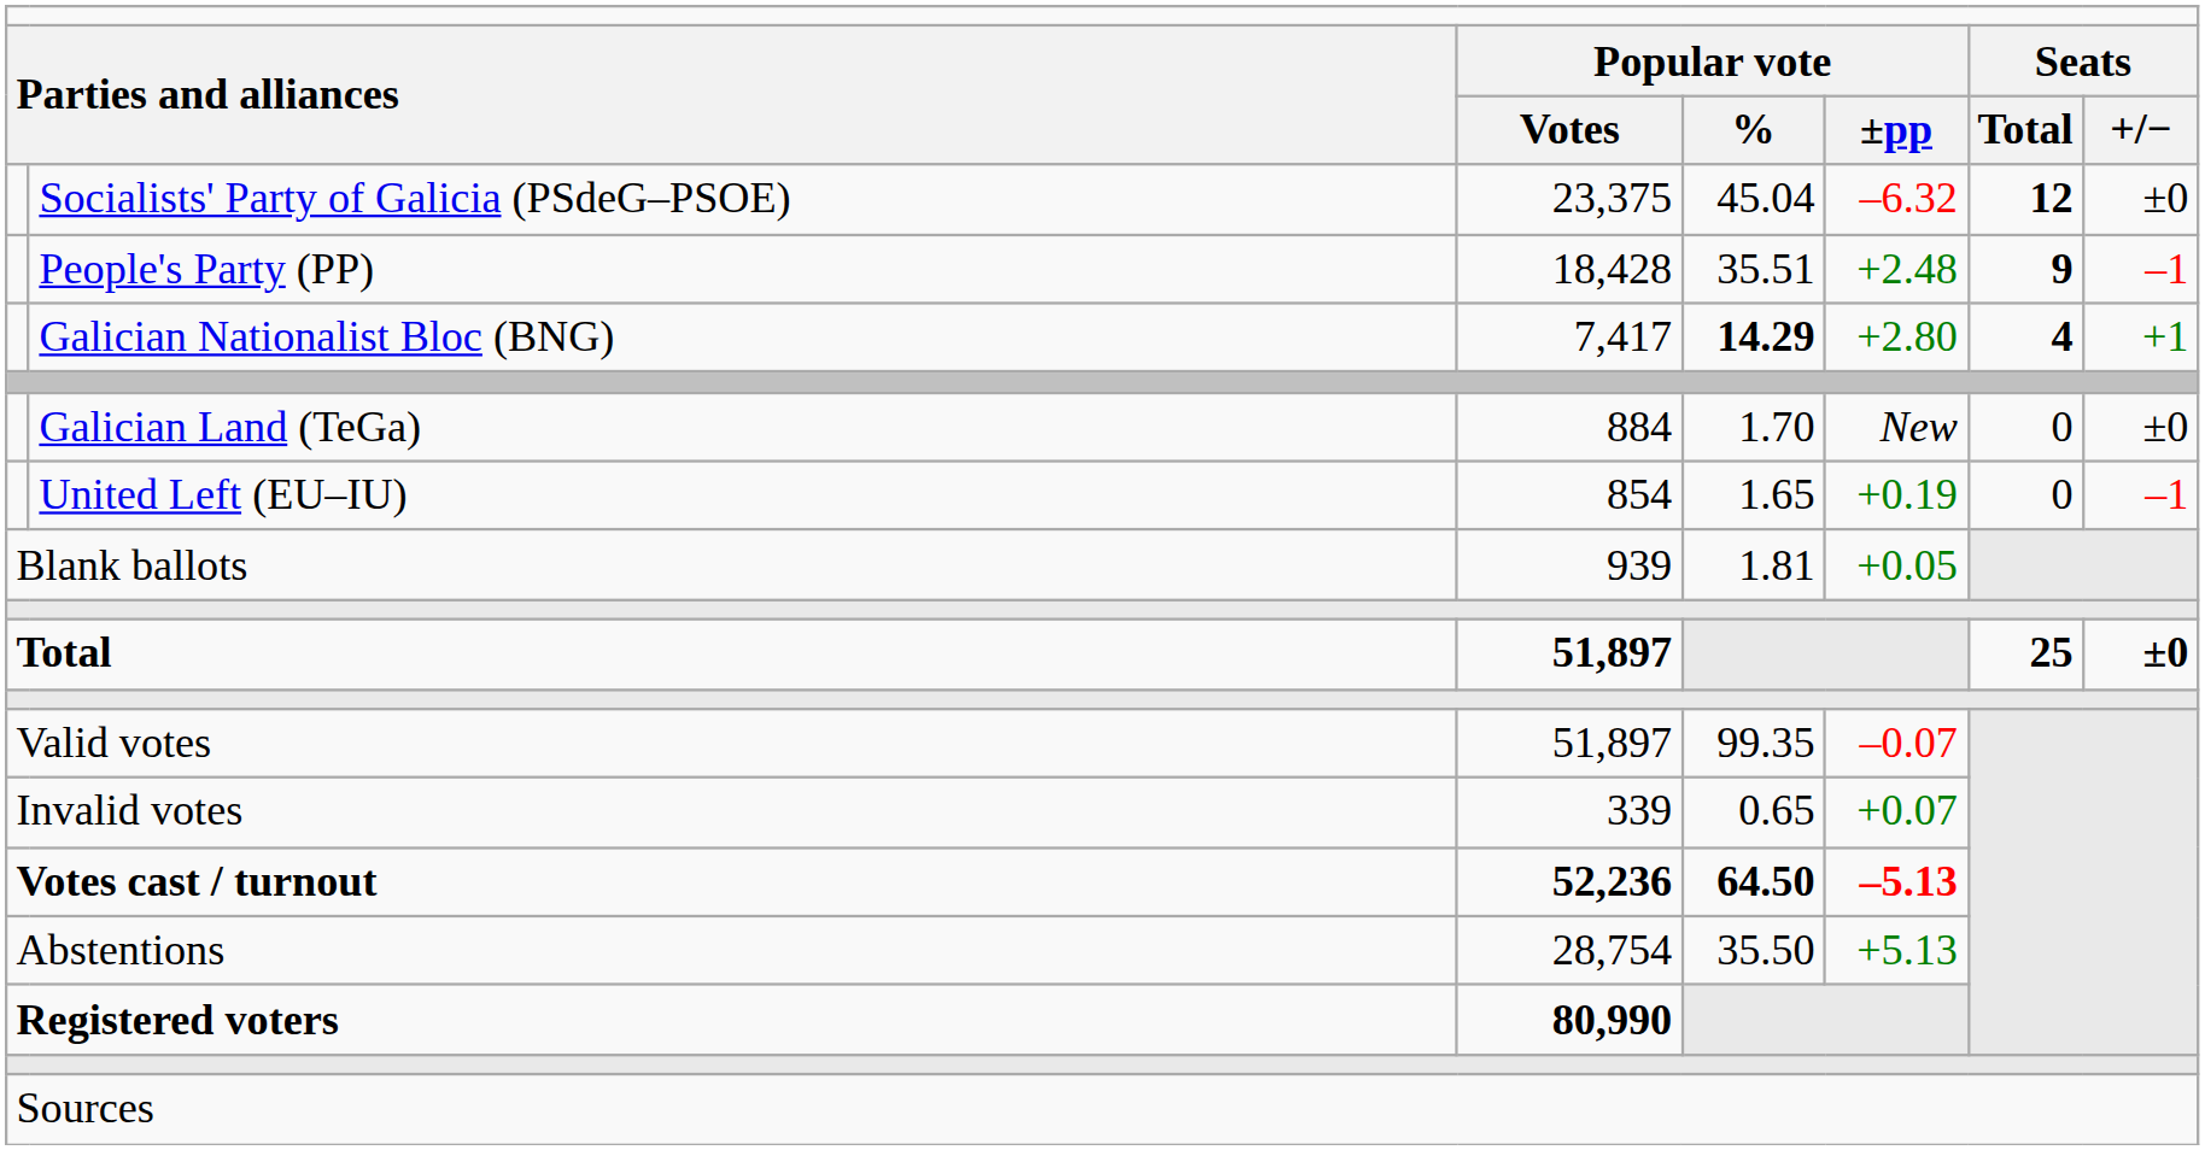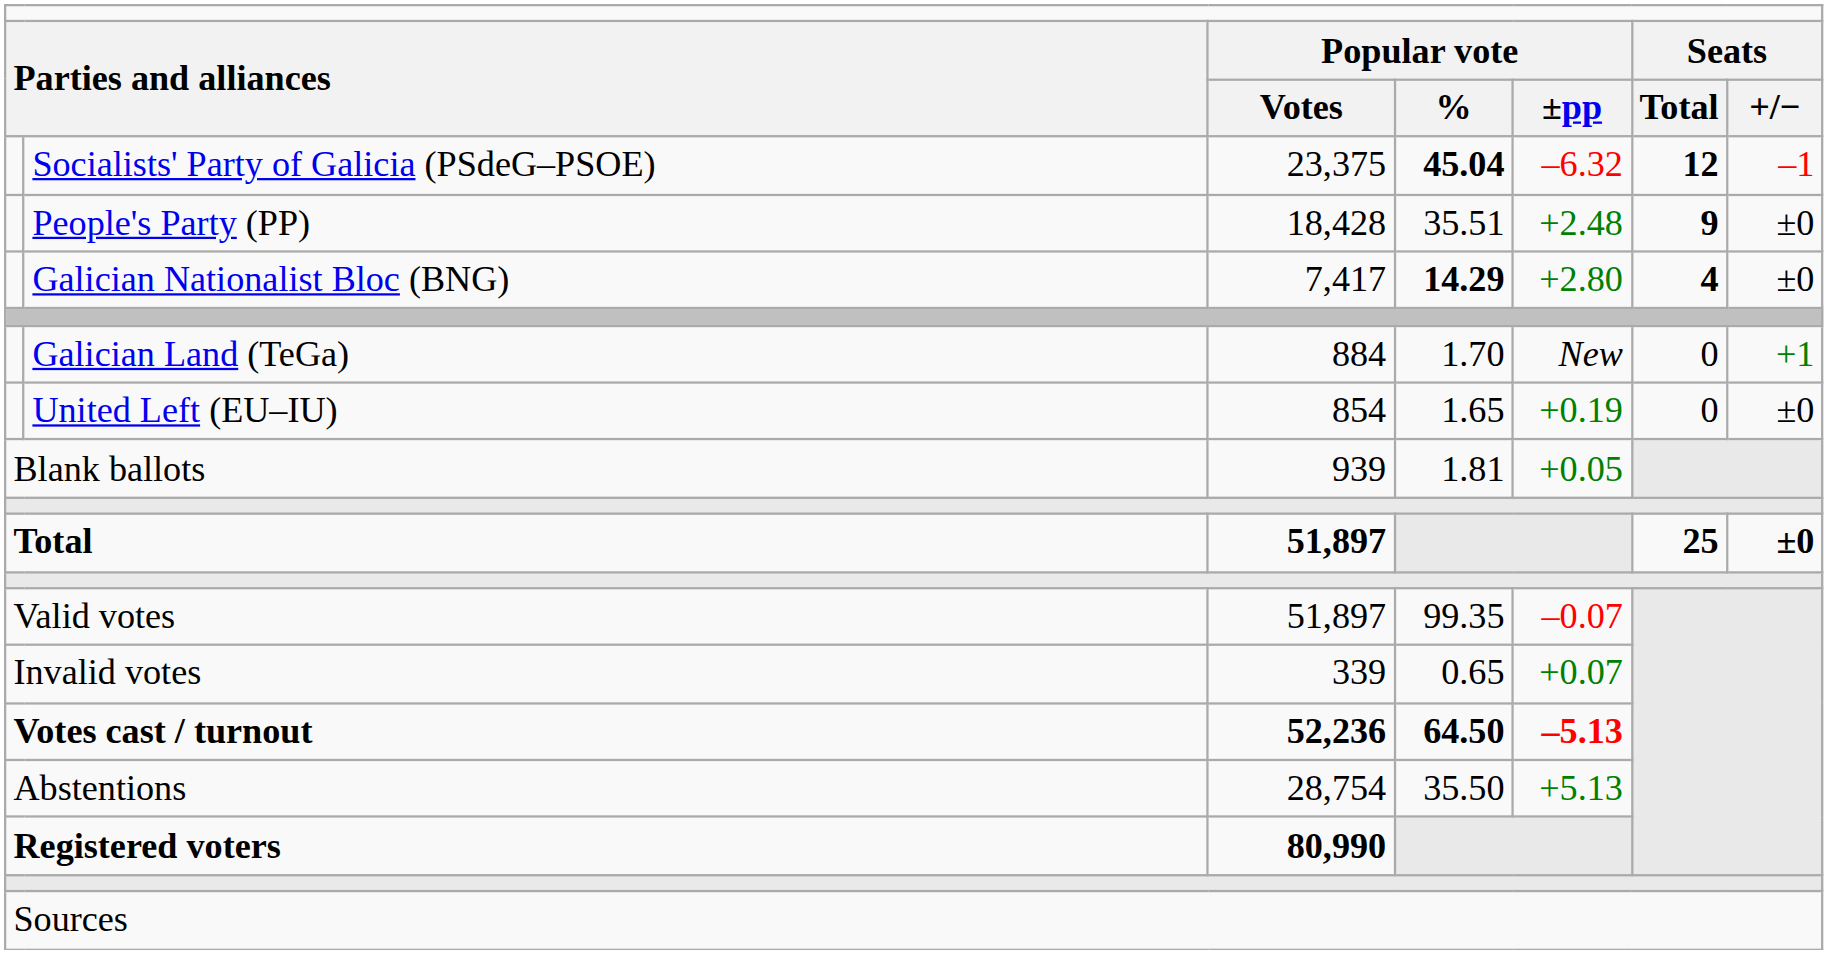 <table class="wikitable" style="text-align:right;">
 <tr>
 <td colspan="7"></td>
 </tr>
 <tr>
 <th style="text-align:left;" rowspan="2" colspan="2" width="525">Parties and alliances</th>
 <th colspan="3">Popular vote</th>
 <th colspan="2">Seats</th>
 </tr>
 <tr>
 <th width="75">Votes</th>
 <th width="45">%</th>
 <th width="45">±<a href='#'>pp</a></th>
 <th width="35">Total</th>
 <th width="35">+/−</th>
 </tr>
 <tr>
 <td width="1" style="color:inherit;background:"></td>
 <td align="left"><a href='#'>Socialists' Party of Galicia</a> (PSdeG–PSOE)</td>
 <td>23,375</td>
-<td>45.04</td>
+<td><strong>45.04</strong></td>
 <td style="color:red;">–6.32</td>
 <td><strong>12</strong></td>
-<td>±0</td>
+<td style="color:red;">–1</td>
 </tr>
 <tr>
 <td style="color:inherit;background:"></td>
 <td align="left"><a href='#'>People's Party</a> (PP)</td>
 <td>18,428</td>
 <td>35.51</td>
 <td style="color:green;">+2.48</td>
 <td><strong>9</strong></td>
-<td style="color:red;">–1</td>
+<td>±0</td>
 </tr>
 <tr>
 <td style="color:inherit;background:"></td>
 <td align="left"><a href='#'>Galician Nationalist Bloc</a> (BNG)</td>
 <td>7,417</td>
 <td><strong>14.29</strong></td>
 <td style="color:green;">+2.80</td>
 <td><strong>4</strong></td>
-<td style="color:green;">+1</td>
+<td>±0</td>
 </tr>
 <tr>
 <td colspan="7" bgcolor="#C0C0C0"></td>
 </tr>
 <tr>
 <td style="color:inherit;background:"></td>
 <td align="left"><a href='#'>Galician Land</a> (TeGa)</td>
 <td>884</td>
 <td>1.70</td>
 <td><em>New</em></td>
 <td>0</td>
-<td>±0</td>
+<td style="color:green;">+1</td>
 </tr>
 <tr>
 <td style="color:inherit;background:"></td>
 <td align="left"><a href='#'>United Left</a> (EU–IU)</td>
 <td>854</td>
 <td>1.65</td>
 <td style="color:green;">+0.19</td>
 <td>0</td>
-<td style="color:red;">–1</td>
+<td>±0</td>
 </tr>
 <tr>
 <td align="left" colspan="2">Blank ballots</td>
 <td>939</td>
 <td>1.81</td>
 <td style="color:green;">+0.05</td>
 <td bgcolor="#E9E9E9" colspan="2"></td>
 </tr>
 <tr>
 <td colspan="7" bgcolor="#E9E9E9"></td>
 </tr>
 <tr style="font-weight:bold;">
 <td align="left" colspan="2">Total</td>
 <td>51,897</td>
 <td bgcolor="#E9E9E9" colspan="2"></td>
 <td>25</td>
 <td>±0</td>
 </tr>
 <tr>
 <td colspan="7" bgcolor="#E9E9E9"></td>
 </tr>
 <tr>
 <td align="left" colspan="2">Valid votes</td>
 <td>51,897</td>
 <td>99.35</td>
 <td style="color:red;">–0.07</td>
 <td bgcolor="#E9E9E9" colspan="2" rowspan="5"></td>
 </tr>
 <tr>
 <td align="left" colspan="2">Invalid votes</td>
 <td>339</td>
 <td>0.65</td>
 <td style="color:green;">+0.07</td>
 </tr>
 <tr style="font-weight:bold;">
 <td align="left" colspan="2">Votes cast / turnout</td>
 <td>52,236</td>
 <td>64.50</td>
 <td style="color:red;">–5.13</td>
 </tr>
 <tr>
 <td align="left" colspan="2">Abstentions</td>
 <td>28,754</td>
 <td>35.50</td>
 <td style="color:green;">+5.13</td>
 </tr>
 <tr style="font-weight:bold;">
 <td align="left" colspan="2">Registered voters</td>
 <td>80,990</td>
 <td bgcolor="#E9E9E9" colspan="2"></td>
 </tr>
 <tr>
 <td colspan="7" bgcolor="#E9E9E9"></td>
 </tr>
 <tr>
 <td align="left" colspan="7">Sources</td>
 </tr>
 </table>
